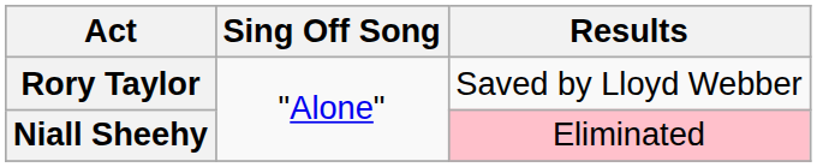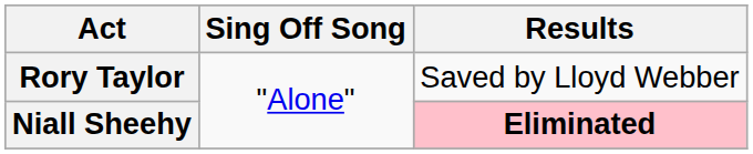 <table class="wikitable plainrowheaders" style="text-align:center;">
 <tr>
 <th scope="col">Act</th>
 <th scope="col">Sing Off Song</th>
 <th scope="col">Results</th>
 </tr>
 <tr>
 <th scope="row">Rory Taylor</th>
 <td rowspan="2">"<a href='#'>Alone</a>"</td>
 <td>Saved by Lloyd Webber</td>
 </tr>
 <tr>
 <th scope="row">Niall Sheehy</th>
-<td style="background:pink;">Eliminated</td>
+<td style="background:pink;"><strong>Eliminated</strong></td>
 </tr>
 </table>
